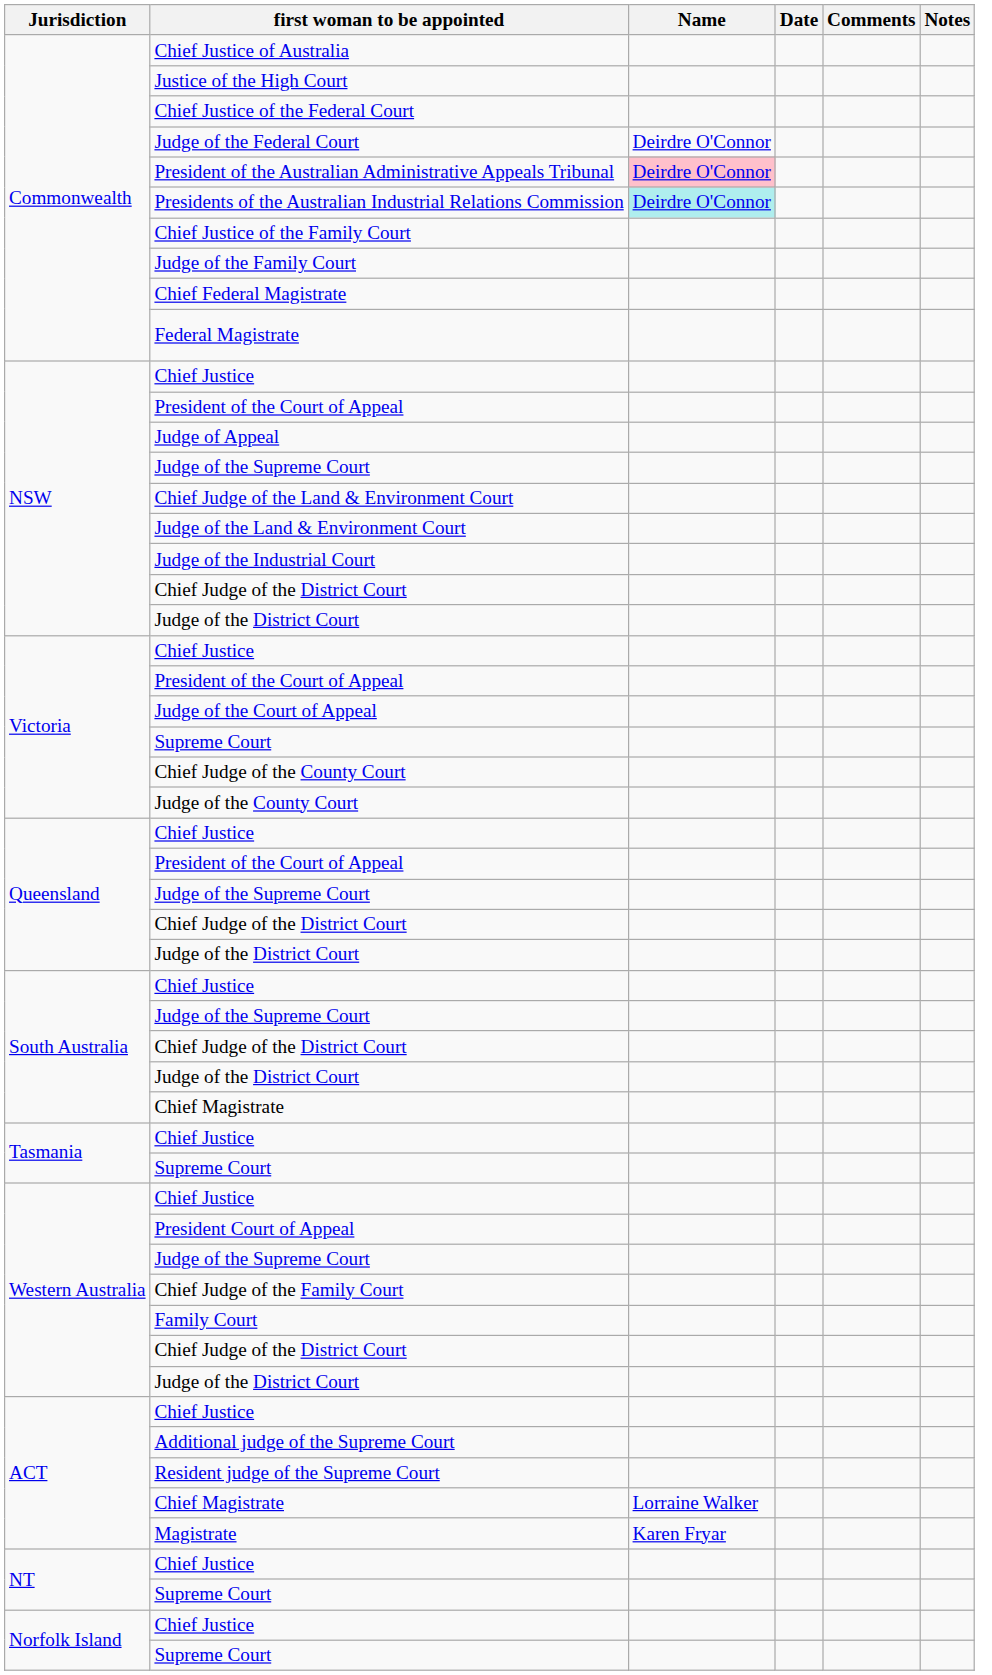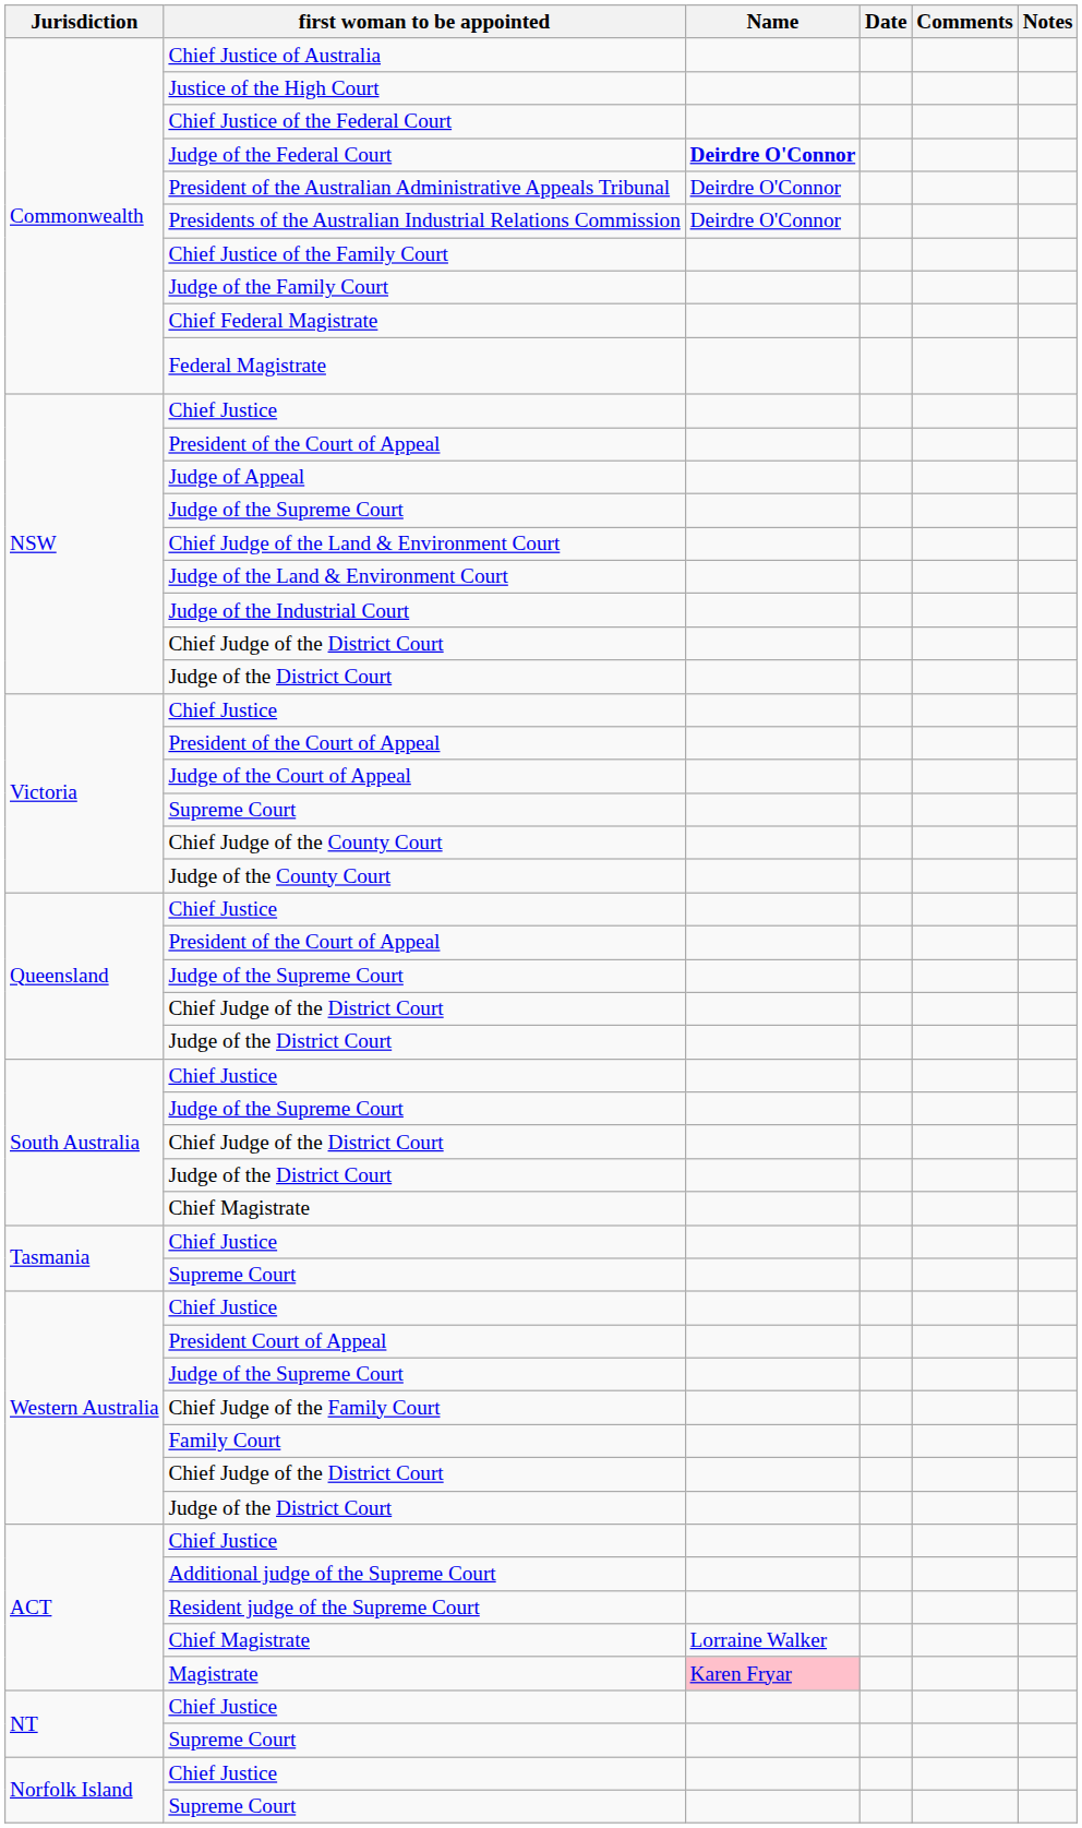 <table class="wikitable sortable" border="1" ||>
 <tr>
 <th>Jurisdiction</th>
 <th>first woman to be appointed</th>
 <th>Name</th>
 <th>Date</th>
 <th class="unsortable">Comments</th>
 <th class="unsortable">Notes</th>
 </tr>
 <tr>
 <td rowspan="10"><a href='#'>Commonwealth</a></td>
 <td><a href='#'>Chief Justice of Australia</a></td>
 <td></td>
 <td></td>
 <td></td>
 <td></td>
 </tr>
 <tr>
 <td><a href='#'>Justice of the High Court</a></td>
 <td></td>
 <td></td>
 <td></td>
 <td></td>
 </tr>
 <tr>
 <td><a href='#'>Chief Justice of the Federal Court</a></td>
 <td></td>
 <td></td>
 <td></td>
 <td></td>
 </tr>
 <tr>
 <td><a href='#'>Judge of the Federal Court</a></td>
+<td><strong><a href='#'>Deirdre O'Connor</a></strong></td>
+<td></td>
+<td></td>
+<td></td>
+</tr>
+<tr>
+<td><a href='#'>President of the Australian Administrative Appeals Tribunal</a></td>
 <td><a href='#'>Deirdre O'Connor</a></td>
 <td></td>
 <td></td>
 <td></td>
 </tr>
 <tr>
-<td><a href='#'>President of the Australian Administrative Appeals Tribunal</a></td>
-<td style="background: pink;"><a href='#'>Deirdre O'Connor</a></td>
-<td></td>
-<td></td>
-<td></td>
-</tr>
-<tr>
 <td><a href='#'>Presidents of the Australian Industrial Relations Commission</a></td>
-<td style="background: paleturquoise;"><a href='#'>Deirdre O'Connor</a></td>
+<td><a href='#'>Deirdre O'Connor</a></td>
 <td></td>
 <td></td>
 <td></td>
 </tr>
 <tr>
 <td><a href='#'>Chief Justice of the Family Court</a></td>
 <td></td>
 <td></td>
 <td></td>
 <td></td>
 </tr>
 <tr>
 <td><a href='#'>Judge of the Family Court</a></td>
 <td></td>
 <td></td>
 <td></td>
 <td></td>
 </tr>
 <tr>
 <td><a href='#'>Chief Federal Magistrate</a> </td>
 <td></td>
 <td></td>
 <td></td>
 <td></td>
 </tr>
 <tr>
 <td><a href='#'>Federal Magistrate</a></td>
 <td><br><br></td>
 <td></td>
 <td></td>
 <td></td>
 </tr>
 <tr>
 <td rowspan="9"><a href='#'>NSW</a></td>
 <td><a href='#'>Chief Justice</a></td>
 <td></td>
 <td></td>
 <td></td>
 <td></td>
 </tr>
 <tr>
 <td><a href='#'>President of the Court of Appeal</a></td>
 <td></td>
 <td></td>
 <td></td>
 <td></td>
 </tr>
 <tr>
 <td><a href='#'>Judge of Appeal</a></td>
 <td></td>
 <td></td>
 <td></td>
 <td></td>
 </tr>
 <tr>
 <td><a href='#'>Judge of the Supreme Court</a></td>
 <td></td>
 <td></td>
 <td></td>
 <td></td>
 </tr>
 <tr>
 <td><a href='#'>Chief Judge of the Land & Environment Court</a></td>
 <td></td>
 <td></td>
 <td></td>
 <td></td>
 </tr>
 <tr>
 <td><a href='#'>Judge of the Land & Environment Court</a></td>
 <td></td>
 <td></td>
 <td></td>
 <td></td>
 </tr>
 <tr>
 <td><a href='#'>Judge of the Industrial Court</a></td>
 <td></td>
 <td></td>
 <td></td>
 <td></td>
 </tr>
 <tr>
 <td>Chief Judge of the <a href='#'>District Court</a></td>
 <td></td>
 <td></td>
 <td></td>
 <td></td>
 </tr>
 <tr>
 <td>Judge of the <a href='#'>District Court</a></td>
 <td></td>
 <td></td>
 <td></td>
 <td></td>
 </tr>
 <tr>
 <td rowspan="6"><a href='#'>Victoria</a></td>
 <td><a href='#'>Chief Justice</a></td>
 <td></td>
 <td></td>
 <td></td>
 <td></td>
 </tr>
 <tr>
 <td><a href='#'>President of the Court of Appeal</a></td>
 <td></td>
 <td></td>
 <td></td>
 <td></td>
 </tr>
 <tr>
 <td><a href='#'>Judge of the Court of Appeal</a></td>
 <td></td>
 <td></td>
 <td></td>
 <td></td>
 </tr>
 <tr>
 <td><a href='#'>Supreme Court</a></td>
 <td></td>
 <td></td>
 <td></td>
 <td></td>
 </tr>
 <tr>
 <td>Chief Judge of the <a href='#'>County Court</a></td>
 <td></td>
 <td></td>
 <td></td>
 <td></td>
 </tr>
 <tr>
 <td>Judge of the <a href='#'>County Court</a></td>
 <td></td>
 <td></td>
 <td></td>
 <td></td>
 </tr>
 <tr>
 <td rowspan="5"><a href='#'>Queensland</a></td>
 <td><a href='#'>Chief Justice</a></td>
 <td></td>
 <td></td>
 <td></td>
 <td></td>
 </tr>
 <tr>
 <td><a href='#'>President of the Court of Appeal</a></td>
 <td></td>
 <td></td>
 <td></td>
 <td></td>
 </tr>
 <tr>
 <td><a href='#'>Judge of the Supreme Court</a></td>
 <td></td>
 <td></td>
 <td></td>
 <td></td>
 </tr>
 <tr>
 <td>Chief Judge of the <a href='#'>District Court</a></td>
 <td></td>
 <td></td>
 <td></td>
 <td></td>
 </tr>
 <tr>
 <td>Judge of the <a href='#'>District Court</a></td>
 <td></td>
 <td></td>
 <td></td>
 <td></td>
 </tr>
 <tr>
 <td rowspan="5"><a href='#'>South Australia</a></td>
 <td><a href='#'>Chief Justice</a></td>
 <td></td>
 <td></td>
 <td></td>
 <td></td>
 </tr>
 <tr>
 <td><a href='#'>Judge of the Supreme Court</a></td>
 <td></td>
 <td></td>
 <td></td>
 <td></td>
 </tr>
 <tr>
 <td>Chief Judge of the <a href='#'>District Court</a></td>
 <td></td>
 <td></td>
 <td></td>
 <td></td>
 </tr>
 <tr>
 <td>Judge of the <a href='#'>District Court</a></td>
 <td></td>
 <td></td>
 <td></td>
 <td></td>
 </tr>
 <tr>
 <td>Chief Magistrate</td>
 <td></td>
 <td></td>
 <td></td>
 <td></td>
 </tr>
 <tr>
 <td rowspan="2"><a href='#'>Tasmania</a></td>
 <td><a href='#'>Chief Justice</a></td>
 <td></td>
 <td></td>
 <td></td>
 <td></td>
 </tr>
 <tr>
 <td><a href='#'>Supreme Court</a></td>
 <td></td>
 <td></td>
 <td></td>
 <td></td>
 </tr>
 <tr>
 <td rowspan="7"><a href='#'>Western Australia</a></td>
 <td><a href='#'>Chief Justice</a></td>
 <td></td>
 <td></td>
 <td></td>
 <td></td>
 </tr>
 <tr>
 <td><a href='#'>President Court of Appeal</a></td>
 <td></td>
 <td></td>
 <td></td>
 <td></td>
 </tr>
 <tr>
 <td><a href='#'>Judge of the Supreme Court</a></td>
 <td></td>
 <td></td>
 <td></td>
 <td></td>
 </tr>
 <tr>
 <td>Chief Judge of the <a href='#'>Family Court</a></td>
 <td></td>
 <td></td>
 <td></td>
 <td></td>
 </tr>
 <tr>
 <td><a href='#'>Family Court</a></td>
 <td></td>
 <td></td>
 <td></td>
 <td></td>
 </tr>
 <tr>
 <td>Chief Judge of the <a href='#'>District Court</a></td>
 <td></td>
 <td></td>
 <td></td>
 <td></td>
 </tr>
 <tr>
 <td>Judge of the <a href='#'>District Court</a></td>
 <td></td>
 <td></td>
 <td></td>
 <td></td>
 </tr>
 <tr>
 <td rowspan="5"><a href='#'>ACT</a></td>
 <td><a href='#'>Chief Justice</a></td>
 <td></td>
 <td></td>
 <td></td>
 <td></td>
 </tr>
 <tr>
 <td><a href='#'>Additional judge of the Supreme Court</a></td>
 <td></td>
 <td></td>
 <td></td>
 <td></td>
 </tr>
 <tr>
 <td><a href='#'>Resident judge of the Supreme Court</a></td>
 <td></td>
 <td></td>
 <td></td>
 <td></td>
 </tr>
 <tr>
 <td><a href='#'>Chief Magistrate</a></td>
 <td><a href='#'>Lorraine Walker</a></td>
 <td></td>
 <td></td>
 <td></td>
 </tr>
 <tr>
 <td><a href='#'>Magistrate</a></td>
-<td><a href='#'>Karen Fryar</a></td>
+<td style="background: pink;"><a href='#'>Karen Fryar</a></td>
 <td></td>
 <td></td>
 <td></td>
 </tr>
 <tr>
 <td rowspan="2"><a href='#'>NT</a></td>
 <td><a href='#'>Chief Justice</a></td>
 <td></td>
 <td></td>
 <td></td>
 <td></td>
 </tr>
 <tr>
 <td><a href='#'>Supreme Court</a></td>
 <td></td>
 <td></td>
 <td></td>
 <td></td>
 </tr>
 <tr>
 <td rowspan="2"><a href='#'>Norfolk Island</a></td>
 <td><a href='#'>Chief Justice</a></td>
 <td></td>
 <td></td>
 <td></td>
 <td></td>
 </tr>
 <tr>
 <td><a href='#'>Supreme Court</a></td>
 <td></td>
 <td></td>
 <td></td>
 <td></td>
 </tr>
 </table>
